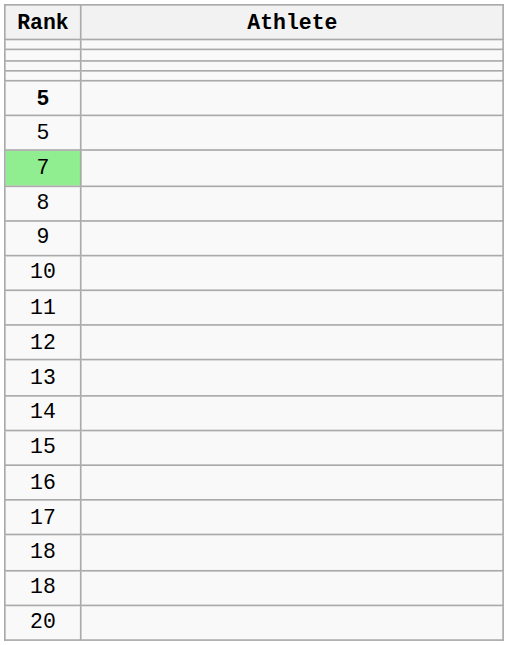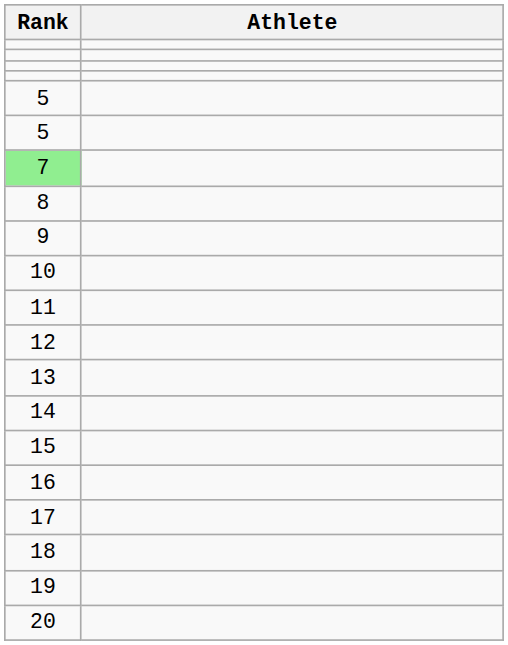 <table class="wikitable" style="text-align: center;">
 <tr>
 <th width=40>Rank</th>
 <th width=250>Athlete</th>
 </tr>
 <tr>
 <td></td>
 <td align="left"></td>
 </tr>
 <tr>
 <td></td>
 <td align="left"></td>
 </tr>
 <tr>
 <td></td>
 <td align="left"></td>
 </tr>
 <tr>
 <td></td>
 <td align="left"></td>
 </tr>
 <tr>
-<td><strong>5</strong></td>
+<td>5</td>
 <td align="left"></td>
 </tr>
 <tr>
 <td>5</td>
 <td align="left"></td>
 </tr>
 <tr>
 <td style="background: lightgreen;">7</td>
 <td align="left"></td>
 </tr>
 <tr>
 <td>8</td>
 <td align="left"></td>
 </tr>
 <tr>
 <td>9</td>
 <td align="left"></td>
 </tr>
 <tr>
 <td>10</td>
 <td align="left"></td>
 </tr>
 <tr>
 <td>11</td>
 <td align="left"></td>
 </tr>
 <tr>
 <td>12</td>
 <td align="left"></td>
 </tr>
 <tr>
 <td>13</td>
 <td align="left"></td>
 </tr>
 <tr>
 <td>14</td>
 <td align="left"></td>
 </tr>
 <tr>
 <td>15</td>
 <td align="left"></td>
 </tr>
 <tr>
 <td>16</td>
 <td align="left"></td>
 </tr>
 <tr>
 <td>17</td>
 <td align="left"></td>
 </tr>
 <tr>
 <td>18</td>
 <td align="left"></td>
 </tr>
 <tr>
-<td>18</td>
+<td>19</td>
 <td align="left"></td>
 </tr>
 <tr>
 <td>20</td>
 <td align="left"></td>
 </tr>
 </table>
